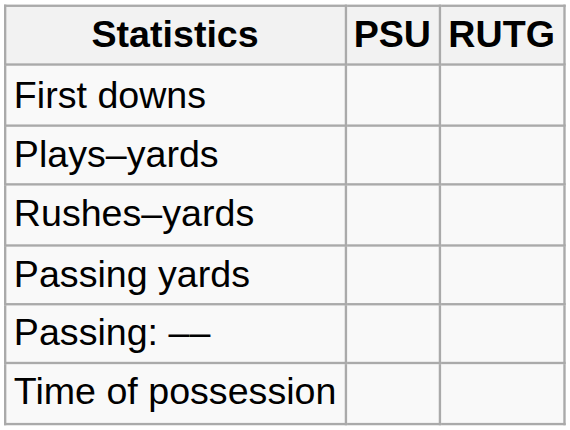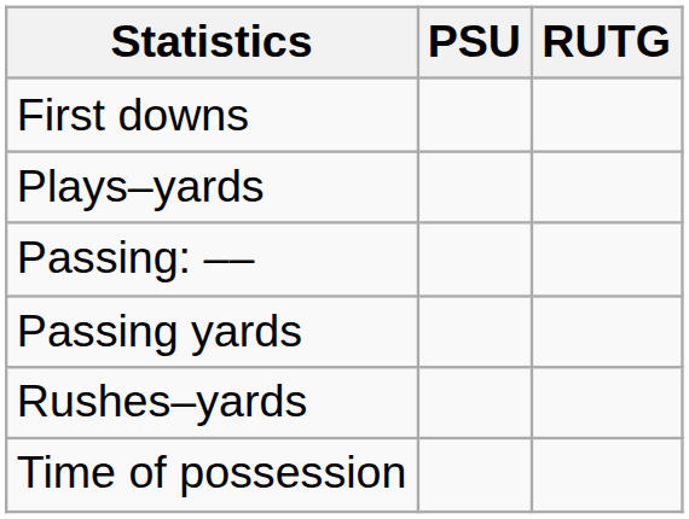 <table class="wikitable" style="float:left">
 <tr>
 <th>Statistics</th>
 <th>PSU</th>
 <th>RUTG</th>
 </tr>
 <tr>
 <td>First downs</td>
 <td></td>
 <td></td>
 </tr>
 <tr>
 <td>Plays–yards</td>
 <td></td>
 <td></td>
 </tr>
 <tr>
-<td>Rushes–yards</td>
+<td>Passing: ––</td>
 <td></td>
 <td></td>
 </tr>
 <tr>
 <td>Passing yards</td>
 <td></td>
 <td></td>
 </tr>
 <tr>
-<td>Passing: ––</td>
+<td>Rushes–yards</td>
 <td></td>
 <td></td>
 </tr>
 <tr>
 <td>Time of possession</td>
 <td></td>
 <td></td>
 </tr>
 </table>
